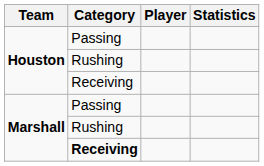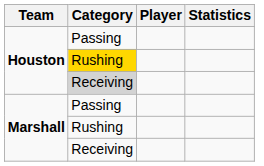 <table class="wikitable" style="float: left;">
 <tr>
 <th>Team</th>
 <th>Category</th>
 <th>Player</th>
 <th>Statistics</th>
 </tr>
 <tr>
 <td rowspan=3><strong>Houston</strong></td>
 <td>Passing</td>
 <td></td>
 <td></td>
 </tr>
 <tr>
-<td>Rushing</td>
+<td style="background: gold;">Rushing</td>
 <td></td>
 <td></td>
 </tr>
 <tr>
-<td>Receiving</td>
+<td style="background: lightgrey;">Receiving</td>
 <td></td>
 <td></td>
 </tr>
 <tr>
 <td rowspan=3><strong>Marshall</strong></td>
 <td>Passing</td>
 <td></td>
 <td></td>
 </tr>
 <tr>
 <td>Rushing</td>
 <td></td>
 <td></td>
 </tr>
 <tr>
-<td><strong>Receiving</strong></td>
+<td>Receiving</td>
 <td></td>
 <td></td>
 </tr>
 </table>
